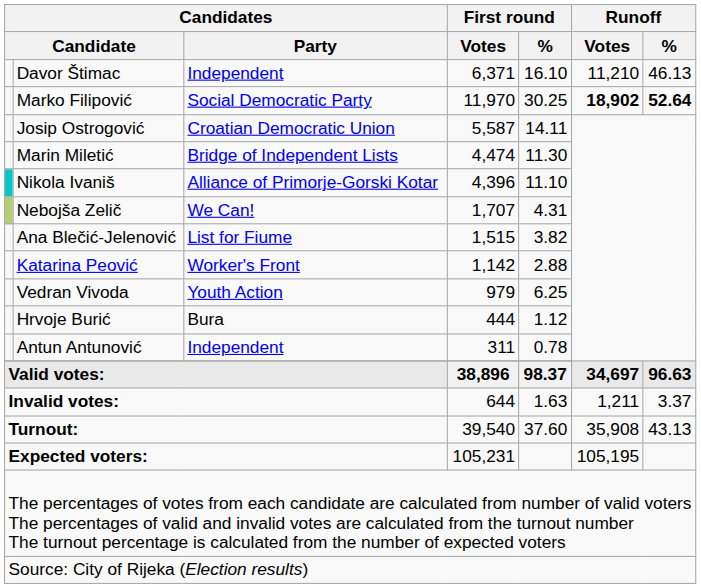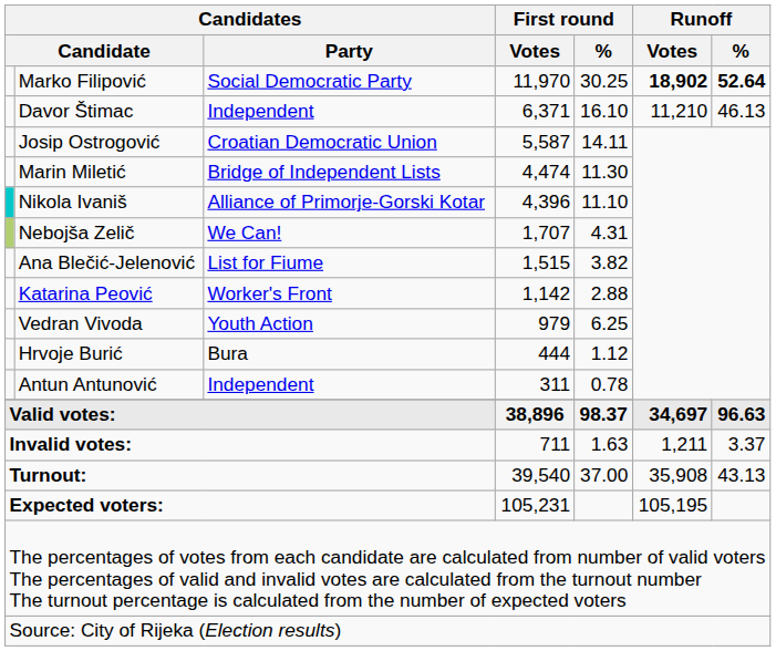 <table class="wikitable">
 <tr>
 <th colspan="3">Candidates</th>
 <th colspan="2">First round</th>
 <th colspan="2">Runoff</th>
 </tr>
 <tr>
 <th colspan="2">Candidate</th>
 <th>Party</th>
 <th>Votes</th>
 <th>%</th>
 <th>Votes</th>
 <th>%</th>
 </tr>
 <tr>
 <td style="color:inherit;background:"></td>
+<td align="left">Marko Filipović</td>
+<td align="left"><a href='#'>Social Democratic Party</a></td>
+<td align="right">11,970</td>
+<td align="right">30.25</td>
+<td align="right"><strong>18,902</strong></td>
+<td align="right"><strong>52.64</strong></td>
+</tr>
+<tr>
+<td style="color:inherit;background:"></td>
 <td>Davor Štimac</td>
 <td><a href='#'>Independent</a></td>
 <td align="right">6,371</td>
 <td align="right">16.10</td>
 <td align="right">11,210</td>
 <td align="right">46.13</td>
-</tr>
-<tr>
-<td style="color:inherit;background:"></td>
-<td align="left">Marko Filipović</td>
-<td align="left"><a href='#'>Social Democratic Party</a></td>
-<td align="right">11,970</td>
-<td align="right">30.25</td>
-<td align="right"><strong>18,902</strong></td>
-<td align="right"><strong>52.64</strong></td>
 </tr>
 <tr>
 <td style="color:inherit;background:"></td>
 <td align="left">Josip Ostrogović</td>
 <td align="left"><a href='#'>Croatian Democratic Union</a></td>
 <td align="right">5,587</td>
 <td align="right">14.11</td>
 </tr>
 <tr>
 <td style="color:inherit;background:"></td>
 <td align="left">Marin Miletić</td>
 <td align="left"><a href='#'>Bridge of Independent Lists</a></td>
 <td align="right">4,474</td>
 <td align="right">11.30</td>
 </tr>
 <tr>
 <td style="color:inherit;background:#00c8c8"></td>
 <td align="left">Nikola Ivaniš</td>
 <td align="left"><a href='#'>Alliance of Primorje-Gorski Kotar</a></td>
 <td align="right">4,396</td>
 <td align="right">11.10</td>
 </tr>
 <tr>
 <td style="color:inherit;background:#B1CF70"></td>
 <td align="left">Nebojša Zelič</td>
 <td align="left"><a href='#'>We Can!</a></td>
 <td align="right">1,707</td>
 <td align="right">4.31</td>
 </tr>
 <tr>
 <td style="color:inherit;background:"></td>
 <td align="left">Ana Blečić-Jelenović</td>
 <td align="left"><a href='#'>List for Fiume</a></td>
 <td align="right">1,515</td>
 <td align="right">3.82</td>
 </tr>
 <tr>
 <td style="color:inherit;background:"></td>
 <td align="left"><a href='#'>Katarina Peović</a></td>
 <td align="left"><a href='#'>Worker's Front</a></td>
 <td align="right">1,142</td>
 <td align="right">2.88</td>
 </tr>
 <tr>
 <td style="color:inherit;background:"></td>
 <td align="left">Vedran Vivoda</td>
 <td align="left"><a href='#'>Youth Action</a></td>
 <td align="right">979</td>
 <td align="right">6.25</td>
 </tr>
 <tr>
 <td style="color:inherit;background:"></td>
 <td align="left">Hrvoje Burić</td>
 <td align="left">Bura</td>
 <td align="right">444</td>
 <td align="right">1.12</td>
 </tr>
 <tr>
 <td style="color:inherit;background:"></td>
 <td align="left">Antun Antunović</td>
 <td align="left"><a href='#'>Independent</a></td>
 <td align="right">311</td>
 <td align="right">0.78</td>
 </tr>
 <tr>
 </tr>
 <tr style="background-color:#E9E9E9">
 <td colspan="3" align="left"><strong>Valid votes:</strong></td>
 <th align="right">38,896</th>
 <th align="right">98.37</th>
 <td align="right"><strong>34,697</strong></td>
 <td align="right"><strong>96.63</strong></td>
 </tr>
 <tr>
 <td colspan="3" align="left"><strong>Invalid votes:</strong></td>
-<td align="right">644</td>
+<td align="right">711</td>
 <td align="right">1.63</td>
 <td align="right">1,211</td>
 <td align="right">3.37</td>
 </tr>
 <tr>
 <td colspan="3" align="left"><strong>Turnout:</strong></td>
 <td align="right">39,540</td>
-<td align="right">37.60</td>
+<td align="right">37.00</td>
 <td align="right">35,908</td>
 <td align="right">43.13</td>
 </tr>
 <tr>
 <td colspan="3" align="left"><strong>Expected voters:</strong></td>
 <td align="right">105,231</td>
 <td align="right"></td>
 <td align="right">105,195</td>
 <td align="right"></td>
 </tr>
 <tr>
 <td align=left colspan=7><br>The percentages of votes from each candidate are calculated from number of valid voters<br> The percentages of valid and invalid votes are calculated from the turnout number<br> The turnout percentage is calculated from the number of expected voters</td>
 </tr>
 <tr>
 <td align=left colspan=7>Source: City of Rijeka (<em>Election results</em>)  </td>
 </tr>
 </table>
